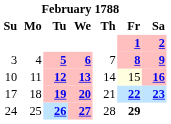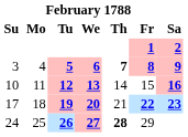 <table class="toccolours" style="text-align:right;float:left;width:14em;margin-right:1em;" cellpadding=2 cellspacing=0>
 <tr class="calendar-purple">
 <td></td>
 <th colspan="5" style="text-align: center;">February 1788</th>
 <td></td>
 </tr>
 <tr class="calendar-purple" style="border: none;">
 <th scope="col" width="14.2857%" title="Sunday">Su</th>
 <th scope="col" width="14.2857%" title="Monday">Mo</th>
 <th scope="col" width="14.2857%" title="Tuesday">Tu</th>
 <th scope="col" width="14.2857%" title="Wednesday">We</th>
 <th scope="col" width="14.2857%" title="Thursday">Th</th>
 <th scope="col" width="14.2857%" title="Friday">Fr</th>
 <th scope="col" width="14.2857%" title="Saturday">Sa</th>
 </tr>
 <tr>
 </tr>
 <tr>
 <td></td>
 <td></td>
 <td></td>
 <td></td>
 <td></td>
 <td style="background-color:#FFBFBF"><strong><a href='#'>1</a></strong></td>
 <td style="background-color:#FFBFBF"><strong><a href='#'>2</a></strong></td>
 </tr>
 <tr>
 <td>3</td>
 <td>4</td>
 <td style="background-color:#FFBFBF"><strong><a href='#'>5</a></strong></td>
 <td style="background-color:#FFBFBF"><strong><a href='#'>6</a></strong></td>
-<td>7</td>
+<td><strong>7</strong></td>
 <td style="background-color:#FFBFBF"><strong><a href='#'>8</a></strong></td>
 <td style="background-color:#FFBFBF"><strong><a href='#'>9</a></strong></td>
 </tr>
 <tr>
 <td>10</td>
 <td>11</td>
 <td style="background-color:#FFBFBF"><strong><a href='#'>12</a></strong></td>
 <td style="background-color:#FFBFBF"><strong><a href='#'>13</a></strong></td>
 <td>14</td>
-<td style="background: lightyellow;">15</td>
+<td>15</td>
 <td style="background-color:#FFBFBF"><strong><a href='#'>16</a></strong></td>
 </tr>
 <tr>
 <td>17</td>
 <td>18</td>
 <td style="background-color:#FFBFBF"><strong><a href='#'>19</a></strong></td>
 <td style="background-color:#FFBFBF"><strong><a href='#'>20</a></strong></td>
 <td>21</td>
 <td style="background-color:#BFE4FF"><strong><a href='#'>22</a></strong></td>
 <td style="background-color:#BFE4FF"><strong><a href='#'>23</a></strong></td>
 </tr>
 <tr>
 <td>24</td>
 <td>25</td>
 <td style="background-color:#BFE4FF"><strong><a href='#'>26</a></strong></td>
 <td style="background-color:#FFBFBF"><strong><a href='#'>27</a></strong></td>
-<td>28</td>
-<td><strong>29</strong></td>
+<td><strong>28</strong></td>
+<td>29</td>
 <td></td>
 </tr>
 <tr>
 <td colspan=7> </td>
 </tr>
 <tr class="calendar-purple">
 </tr>
 <tr class="calendar-purple">
 </tr>
 </table>
